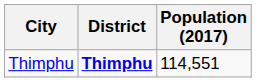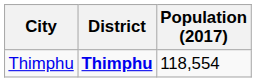 <table class="wikitable sortable">
 <tr>
 <th>City</th>
 <th>District</th>
 <th>Population <br> (2017)</th>
 </tr>
 <tr>
 <td><a href='#'>Thimphu</a></td>
 <td><strong><a href='#'>Thimphu</a></strong></td>
-<td>114,551</td>
+<td>118,554</td>
 </tr>
 </table>
